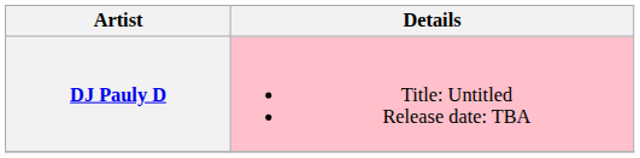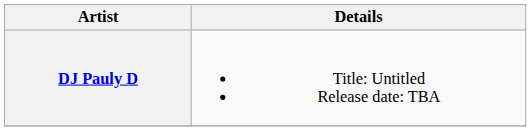 <table class="wikitable plainrowheaders" style="text-align:center;">
 <tr>
 <th scope="col" style="width:11em;">Artist</th>
 <th scope="col" style="width:20em;">Details</th>
 </tr>
 <tr>
 <th scope="row"><a href='#'>DJ Pauly D</a></th>
-<td style="background: pink;"><br><ul><li>Title: Untitled</li><li>Release date: TBA</li></ul></td>
+<td><br><ul><li>Title: Untitled</li><li>Release date: TBA</li></ul></td>
 </tr>
 <tr>
 </tr>
 </table>
